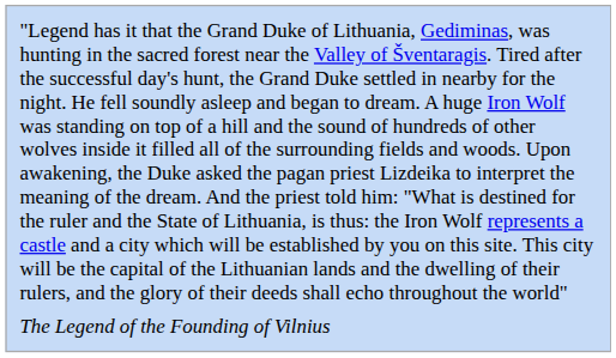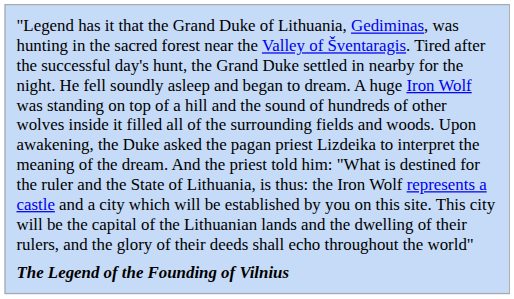 <table class="infobox" style="font-size:85%; background:#c6dbf7; color:black; width:30em; max-width:40%;" cellspacing="5">
 <tr>
 <td style="text-align: left;">"Legend has it that the Grand Duke of Lithuania, <a href='#'>Gediminas</a>, was hunting in the sacred forest near the <a href='#'>Valley of Šventaragis</a>. Tired after the successful day's hunt, the Grand Duke settled in nearby for the night. He fell soundly asleep and began to dream. A huge <a href='#'>Iron Wolf</a> was standing on top of a hill and the sound of hundreds of other wolves inside it filled all of the surrounding fields and woods. Upon awakening, the Duke asked the pagan priest Lizdeika to interpret the meaning of the dream. And the priest told him: "What is destined for the ruler and the State of Lithuania, is thus: the Iron Wolf <a href='#'>represents a castle</a> and a city which will be established by you on this site. This city will be the capital of the Lithuanian lands and the dwelling of their rulers, and the glory of their deeds shall echo throughout the world"</td>
 </tr>
 <tr>
-<td style="text-align: left;"><em> The Legend of the Founding of Vilnius</em></td>
+<td style="text-align: left;"><strong><em> The Legend of the Founding of Vilnius</em></strong></td>
 </tr>
 </table>
